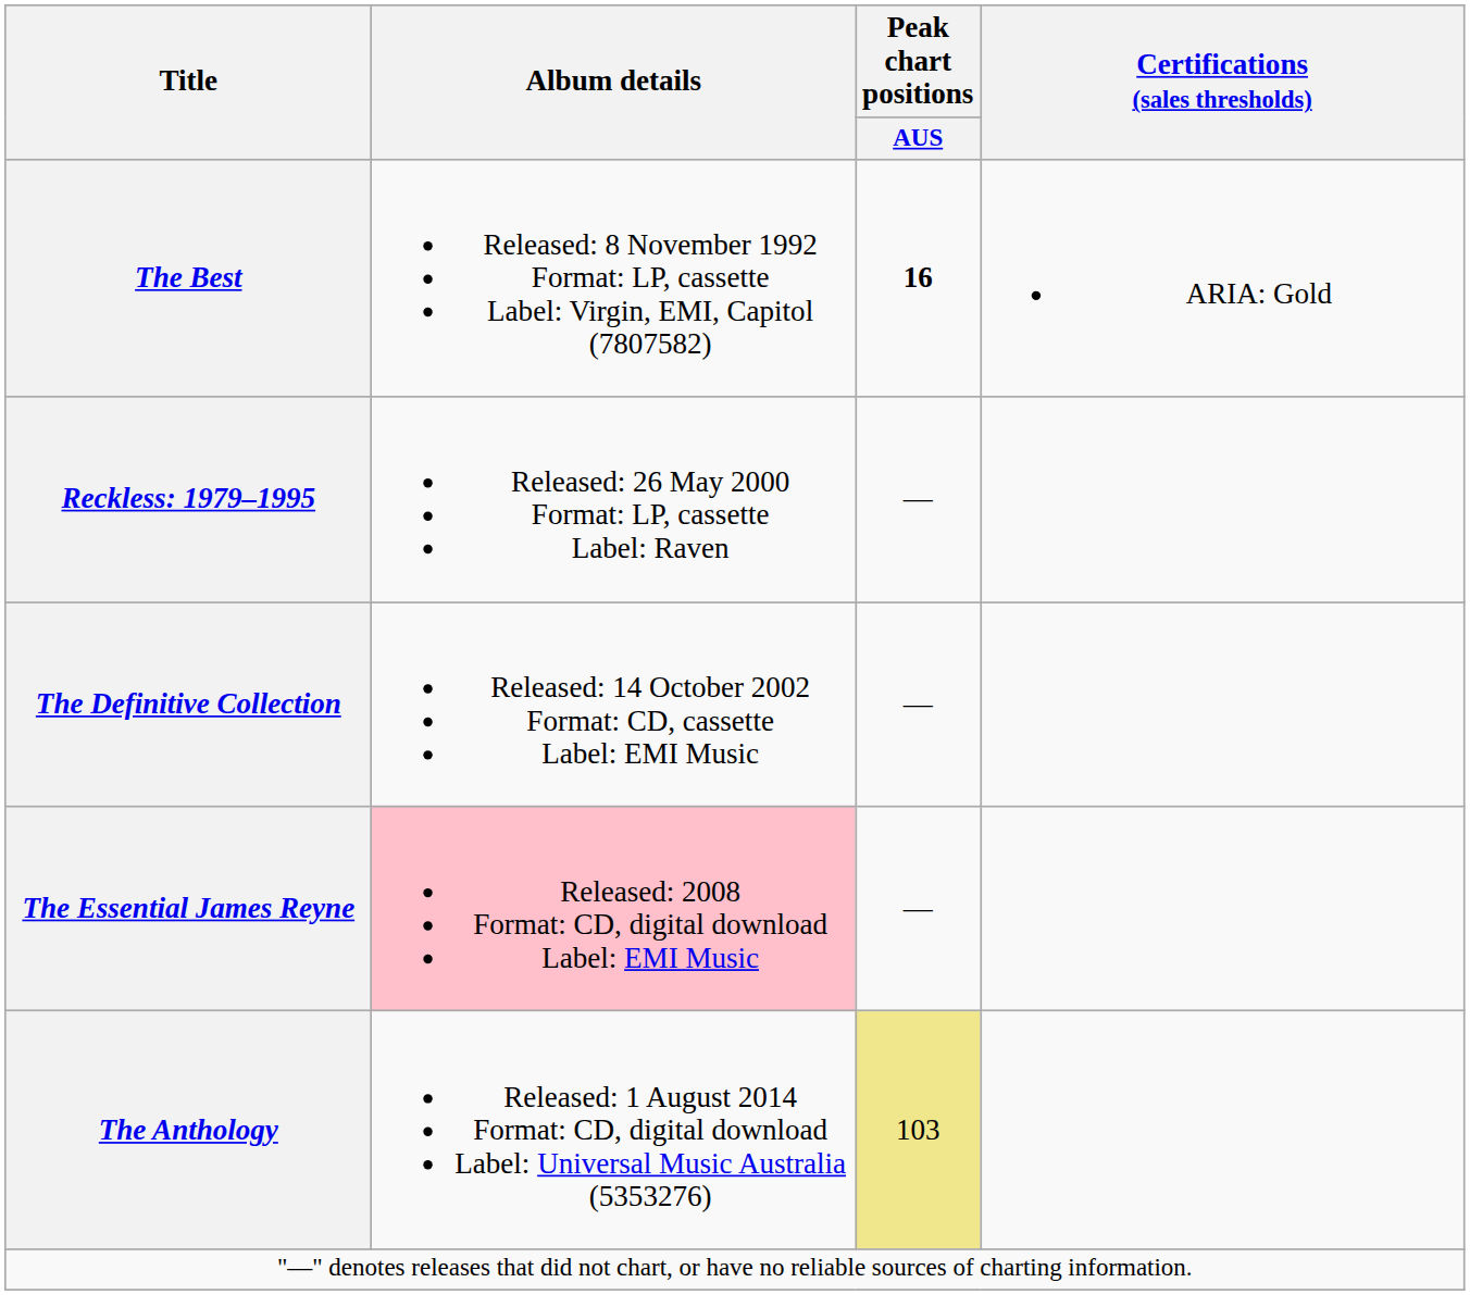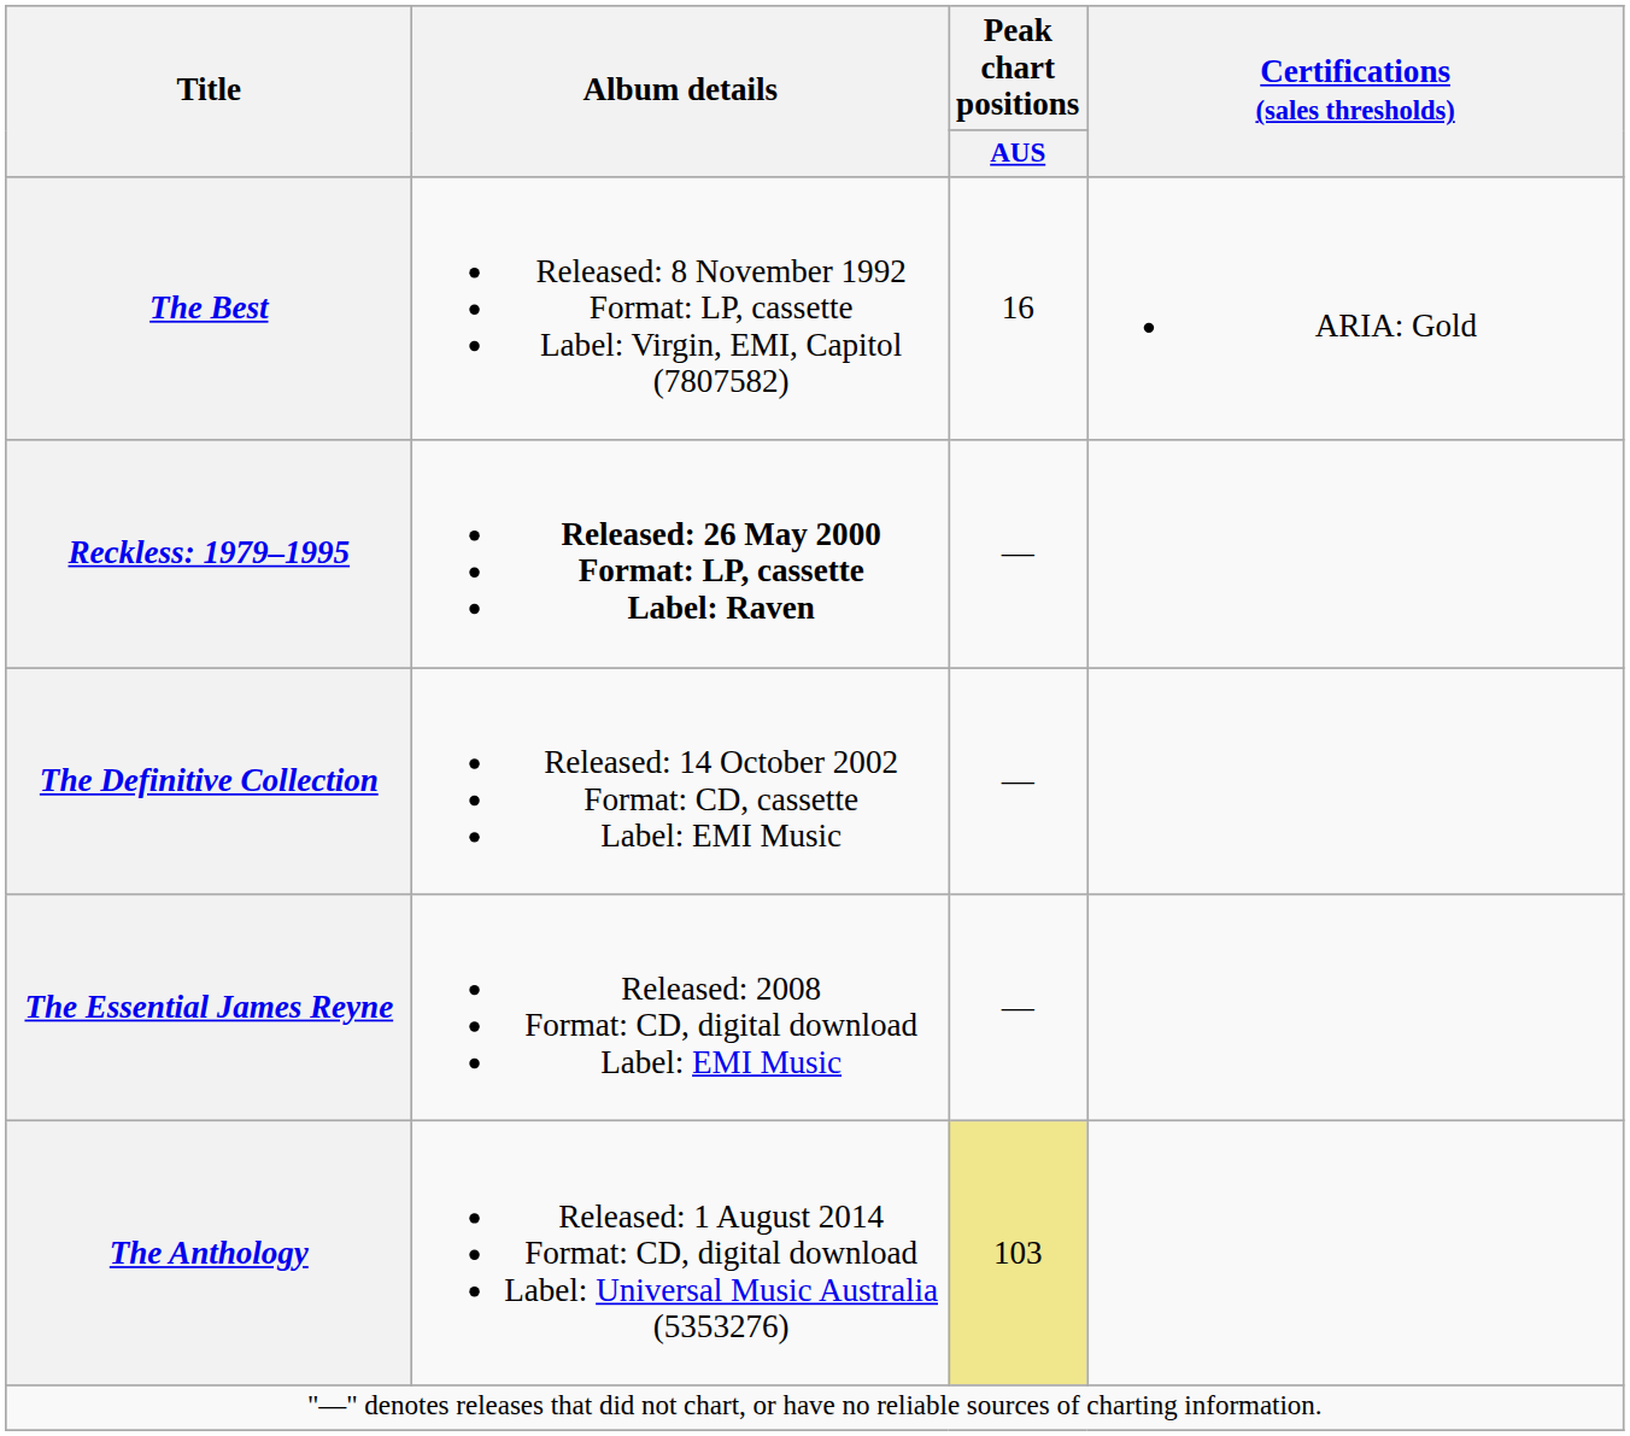 <table class="wikitable plainrowheaders" style="text-align:center;" border="1">
 <tr>
 <th scope="col" rowspan="2" style="width:12em;">Title</th>
 <th scope="col" rowspan="2" style="width:16em;">Album details</th>
 <th scope="col" colspan="1">Peak chart positions</th>
 <th scope="col" rowspan="2" style="width:16em;"><a href='#'>Certifications</a><br><small><a href='#'>(sales thresholds)</a></small></th>
 </tr>
 <tr>
 <th scope="col" style="width:3em; font-size:85%"><a href='#'>AUS</a><br></th>
 </tr>
 <tr>
 <th scope="row"><em><a href='#'>The Best</a></em></th>
 <td><br><ul><li>Released: 8 November 1992</li><li>Format: LP, cassette</li><li>Label: Virgin, EMI, Capitol (7807582)</li></ul></td>
-<td><strong>16</strong></td>
+<td>16</td>
 <td><br><ul><li>ARIA: Gold</li></ul></td>
 </tr>
 <tr>
 <th scope="row"><em><a href='#'>Reckless: 1979–1995</a></em></th>
-<td><br><ul><li>Released: 26 May 2000</li><li>Format: LP, cassette</li><li>Label: Raven</li></ul></td>
+<td><strong><br><ul><li>Released: 26 May 2000</li><li>Format: LP, cassette</li><li>Label: Raven</li></ul></strong></td>
 <td>—</td>
 <td></td>
 </tr>
 <tr>
 <th scope="row"><em><a href='#'>The Definitive Collection</a></em></th>
 <td><br><ul><li>Released: 14 October 2002</li><li>Format: CD, cassette</li><li>Label: EMI Music</li></ul></td>
 <td>—</td>
 <td></td>
 </tr>
 <tr>
 <th scope="row"><em><a href='#'>The Essential James Reyne</a></em></th>
-<td style="background: pink;"><br><ul><li>Released: 2008</li><li>Format: CD, digital download</li><li>Label: <a href='#'>EMI Music</a></li></ul></td>
+<td><br><ul><li>Released: 2008</li><li>Format: CD, digital download</li><li>Label: <a href='#'>EMI Music</a></li></ul></td>
 <td>—</td>
 <td></td>
 </tr>
 <tr>
 <th scope="row"><em><a href='#'>The Anthology</a></em></th>
 <td><br><ul><li>Released: 1 August 2014</li><li>Format: CD, digital download</li><li>Label: <a href='#'>Universal Music Australia</a> (5353276)</li></ul></td>
 <td style="background: khaki;">103</td>
 <td></td>
 </tr>
 <tr>
 <td colspan="5" style="font-size: 85%">"—" denotes releases that did not chart, or have no reliable sources of charting information.</td>
 </tr>
 </table>
